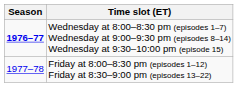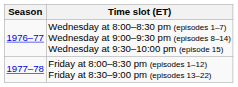 <table class="wikitable">
 <tr>
 <th>Season</th>
 <th>Time slot (ET)</th>
 </tr>
 <tr>
-<td><strong><a href='#'>1976–77</a></strong></td>
+<td><a href='#'>1976–77</a></td>
 <td>Wednesday at 8:00–8:30 pm <small>(episodes 1–7)</small><br>Wednesday at 9:00–9:30 pm <small>(episodes 8–14)</small><br>Wednesday at 9:30–10:00 pm <small>(episode 15)</small></td>
 </tr>
 <tr>
 <td><a href='#'>1977–78</a></td>
 <td>Friday at 8:00–8:30 pm <small>(episodes 1–12)</small><br>Friday at 8:30–9:00 pm <small>(episodes 13–22)</small></td>
 </tr>
 </table>
